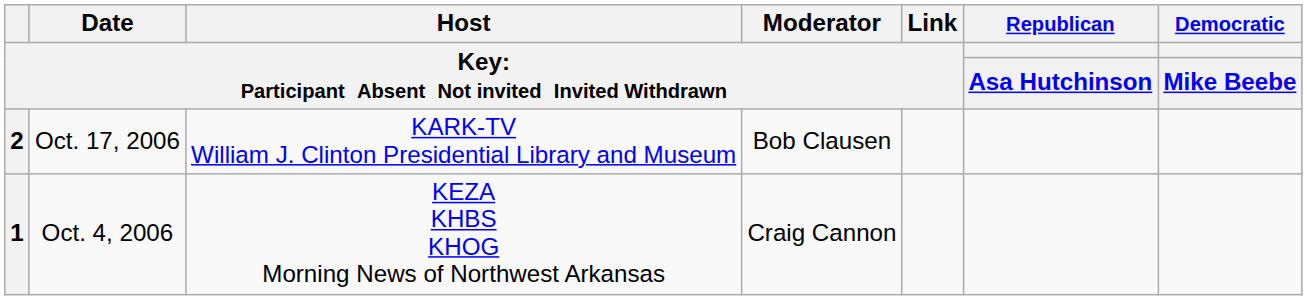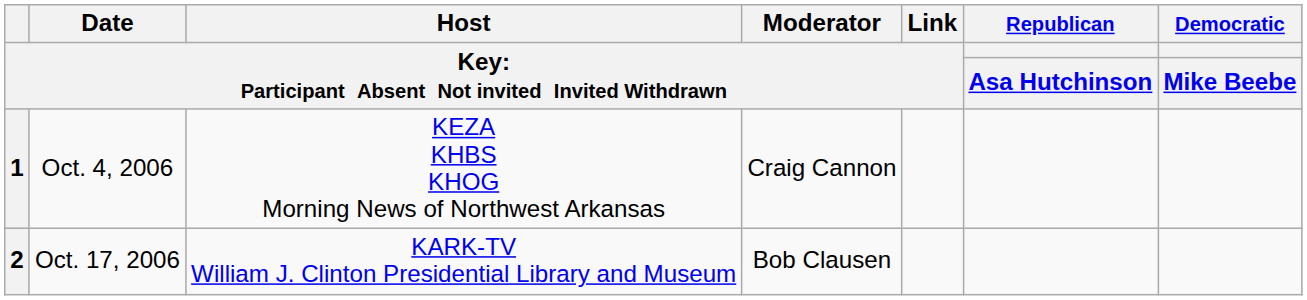 <table class="wikitable" style="text-align:center;">
 <tr>
 <th scope="col"></th>
 <th scope="col">Date</th>
 <th scope="col">Host</th>
 <th scope="col">Moderator</th>
 <th scope="col">Link</th>
 <th scope="col"><small><a href='#'>Republican</a></small></th>
 <th scope="col"><small><a href='#'>Democratic</a></small></th>
 </tr>
 <tr>
 <th colspan="5" rowspan="2">Key:<br> <small>Participant </small>  <small>Absent </small>  <small>Not invited </small>  <small>Invited  Withdrawn</small></th>
 <th scope="col" style="background:"></th>
 <th scope="col" style="background:"></th>
 </tr>
 <tr>
 <th scope="col"><a href='#'>Asa Hutchinson</a></th>
 <th scope="col"><a href='#'>Mike Beebe</a></th>
 </tr>
 <tr>
+<th>1</th>
+<td style="white-space:nowrap;">Oct. 4, 2006</td>
+<td style="white-space:nowrap;"><a href='#'>KEZA</a><br><a href='#'>KHBS</a><br><a href='#'>KHOG</a><br>Morning News of Northwest Arkansas</td>
+<td style="white-space:nowrap;">Craig Cannon</td>
+<td style="white-space:nowrap;"></td>
+<td></td>
+<td></td>
+</tr>
+<tr>
 <th>2</th>
 <td style="white-space:nowrap;">Oct. 17, 2006</td>
 <td style="white-space:nowrap;"><a href='#'>KARK-TV</a><br><a href='#'>William J. Clinton Presidential Library and Museum</a></td>
 <td style="white-space:nowrap;">Bob Clausen</td>
 <td style="white-space:nowrap;"></td>
 <td></td>
 <td></td>
 </tr>
-<tr>
-<th>1</th>
-<td style="white-space:nowrap;">Oct. 4, 2006</td>
-<td style="white-space:nowrap;"><a href='#'>KEZA</a><br><a href='#'>KHBS</a><br><a href='#'>KHOG</a><br>Morning News of Northwest Arkansas</td>
-<td style="white-space:nowrap;">Craig Cannon</td>
-<td style="white-space:nowrap;"></td>
-<td></td>
-<td></td>
-</tr>
 </table>
